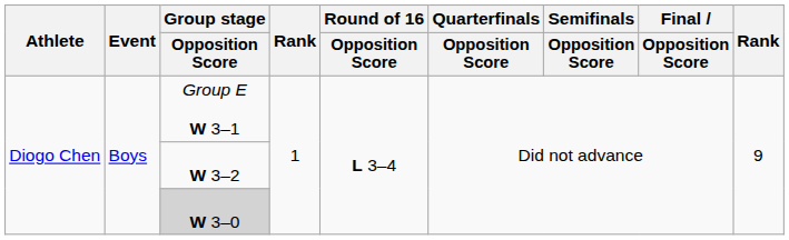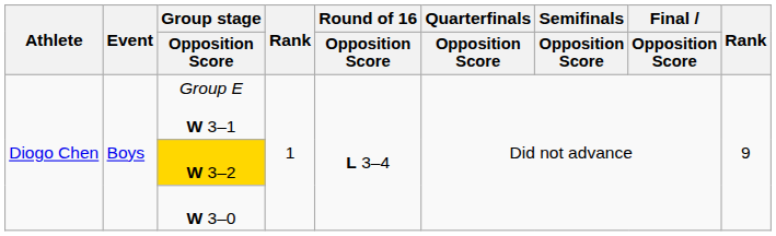 <table class=wikitable style="font-size:90%; text-align:center;">
 <tr>
 <th rowspan=2>Athlete</th>
 <th rowspan=2>Event</th>
 <th>Group stage</th>
 <th rowspan=2>Rank</th>
 <th>Round of 16</th>
 <th>Quarterfinals</th>
 <th>Semifinals</th>
 <th>Final / </th>
 <th rowspan=2>Rank</th>
 </tr>
 <tr style="font-size:95%">
 <th>Opposition<br>Score</th>
 <th>Opposition<br>Score</th>
 <th>Opposition<br>Score</th>
 <th>Opposition<br>Score</th>
 <th>Opposition<br>Score</th>
 </tr>
 <tr>
 <td align=left rowspan=3><a href='#'>Diogo Chen</a></td>
 <td align=left rowspan=3><a href='#'>Boys</a></td>
 <td><em>Group E</em><br><br><strong>W</strong> 3–1</td>
 <td rowspan=3>1</td>
 <td rowspan=3><br><strong>L</strong> 3–4</td>
 <td rowspan=3 colspan=3>Did not advance</td>
 <td rowspan=3>9</td>
 </tr>
 <tr>
-<td><br><strong>W</strong> 3–2</td>
+<td style="background: gold;"><br><strong>W</strong> 3–2</td>
 </tr>
 <tr>
-<td style="background: lightgrey;"><br><strong>W</strong> 3–0</td>
+<td><br><strong>W</strong> 3–0</td>
 </tr>
 </table>
